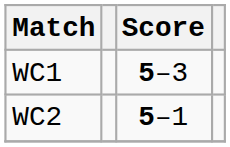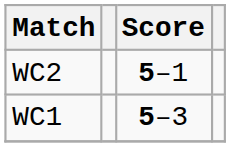 <table class="wikitable" style="font-size: 100%; margin: 1em auto 1em auto;">
 <tr>
 <th>Match</th>
 <th></th>
 <th>Score</th>
 <th></th>
 </tr>
 <tr>
+<td>WC2</td>
+<td><strong></strong></td>
+<td align="center"><strong>5</strong>–1</td>
+<td></td>
+</tr>
+<tr>
 <td>WC1</td>
 <td><strong></strong></td>
 <td align="center"><strong>5</strong>–3</td>
 <td></td>
 </tr>
 <tr>
-<td>WC2</td>
-<td><strong></strong></td>
-<td align="center"><strong>5</strong>–1</td>
-<td></td>
-</tr>
-<tr>
 </tr>
 </table>
